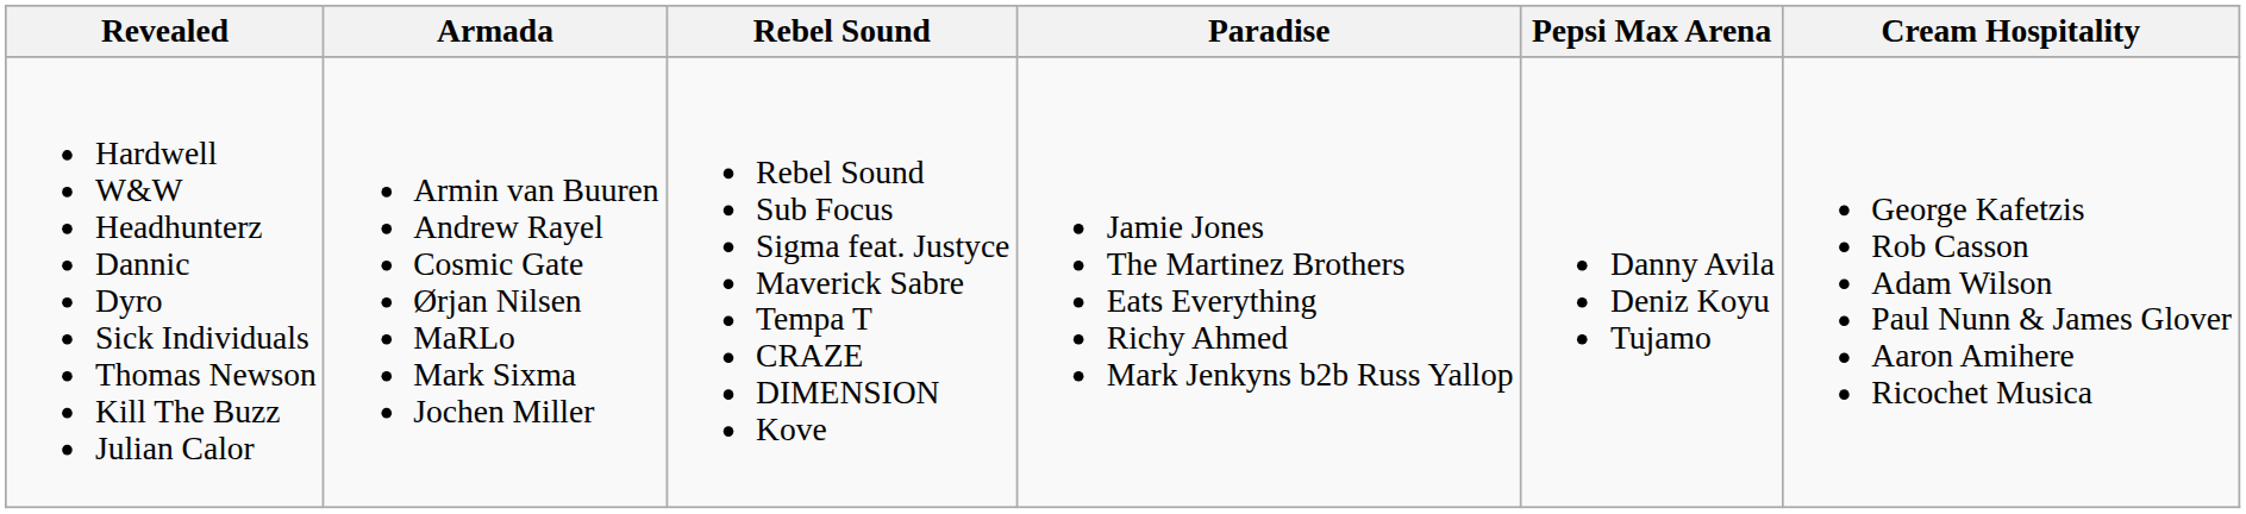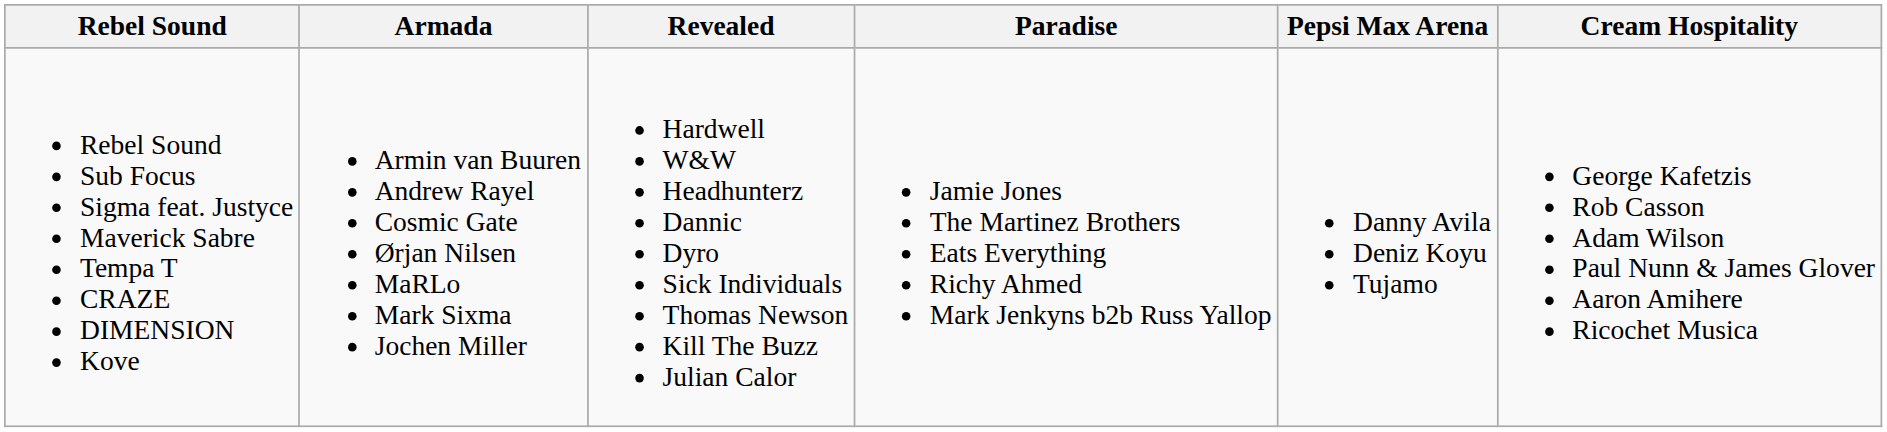 <table class="wikitable">
 <tr>
+<th>Rebel Sound</th>
+<th>Armada</th>
 <th>Revealed</th>
-<th>Armada</th>
-<th>Rebel Sound</th>
 <th>Paradise</th>
 <th>Pepsi Max Arena</th>
 <th>Cream Hospitality</th>
 </tr>
 <tr>
+<td><br><ul><li>Rebel Sound</li><li>Sub Focus</li><li>Sigma feat. Justyce</li><li>Maverick Sabre</li><li>Tempa T</li><li>CRAZE</li><li>DIMENSION</li><li>Kove</li></ul></td>
+<td><br><ul><li>Armin van Buuren</li><li>Andrew Rayel</li><li>Cosmic Gate</li><li>Ørjan Nilsen</li><li>MaRLo</li><li>Mark Sixma</li><li>Jochen Miller</li></ul></td>
 <td><br><ul><li>Hardwell</li><li>W&W</li><li>Headhunterz</li><li>Dannic</li><li>Dyro</li><li>Sick Individuals</li><li>Thomas Newson</li><li>Kill The Buzz</li><li>Julian Calor</li></ul></td>
-<td><br><ul><li>Armin van Buuren</li><li>Andrew Rayel</li><li>Cosmic Gate</li><li>Ørjan Nilsen</li><li>MaRLo</li><li>Mark Sixma</li><li>Jochen Miller</li></ul></td>
-<td><br><ul><li>Rebel Sound</li><li>Sub Focus</li><li>Sigma feat. Justyce</li><li>Maverick Sabre</li><li>Tempa T</li><li>CRAZE</li><li>DIMENSION</li><li>Kove</li></ul></td>
 <td><br><ul><li>Jamie Jones</li><li>The Martinez Brothers</li><li>Eats Everything</li><li>Richy Ahmed</li><li>Mark Jenkyns b2b Russ Yallop</li></ul></td>
 <td><br><ul><li>Danny Avila</li><li>Deniz Koyu</li><li>Tujamo</li></ul></td>
 <td><br><ul><li>George Kafetzis</li><li>Rob Casson</li><li>Adam Wilson</li><li>Paul Nunn & James Glover</li><li>Aaron Amihere</li><li>Ricochet Musica</li></ul></td>
 </tr>
 </table>
